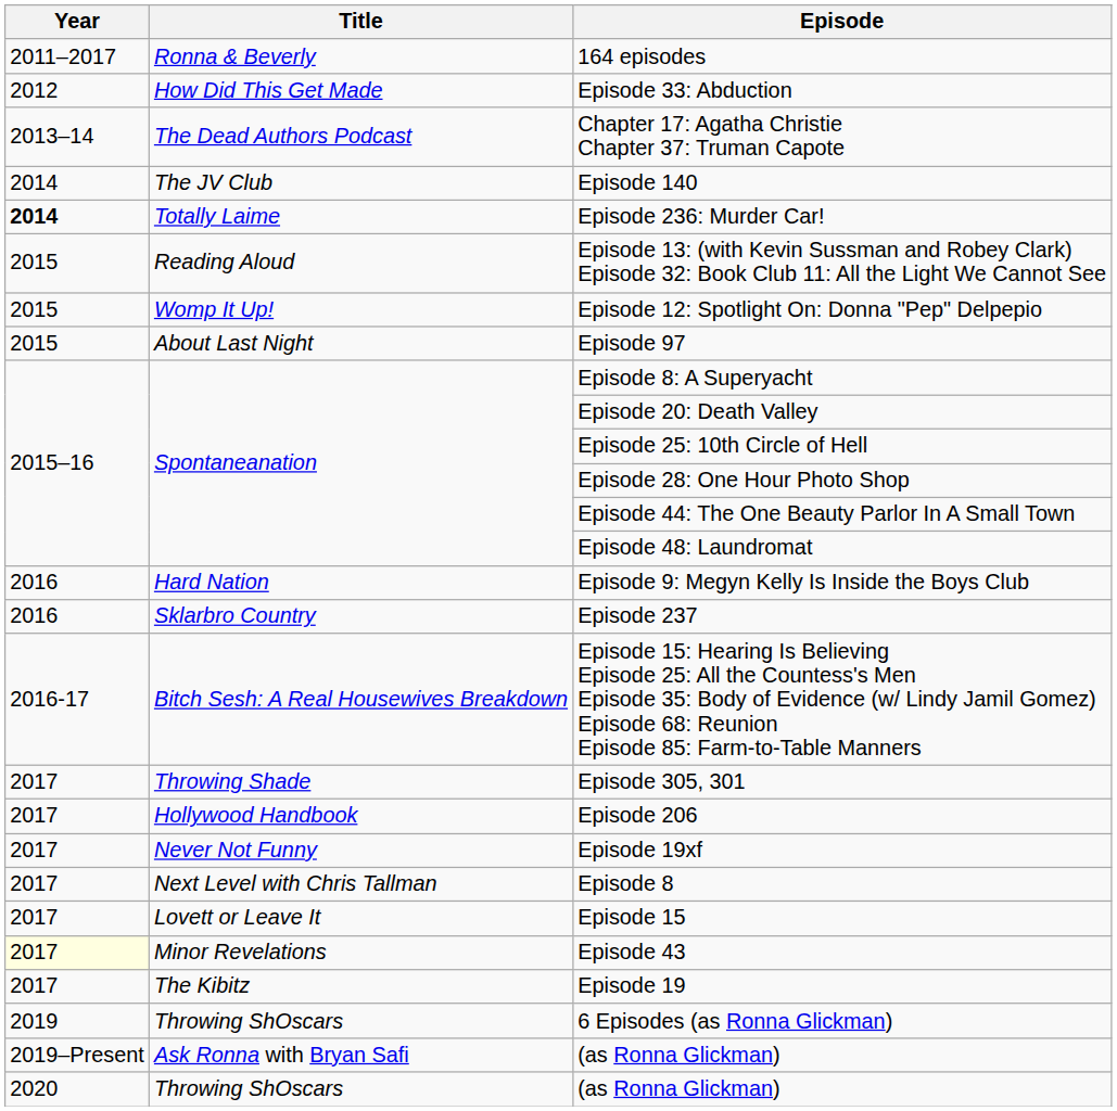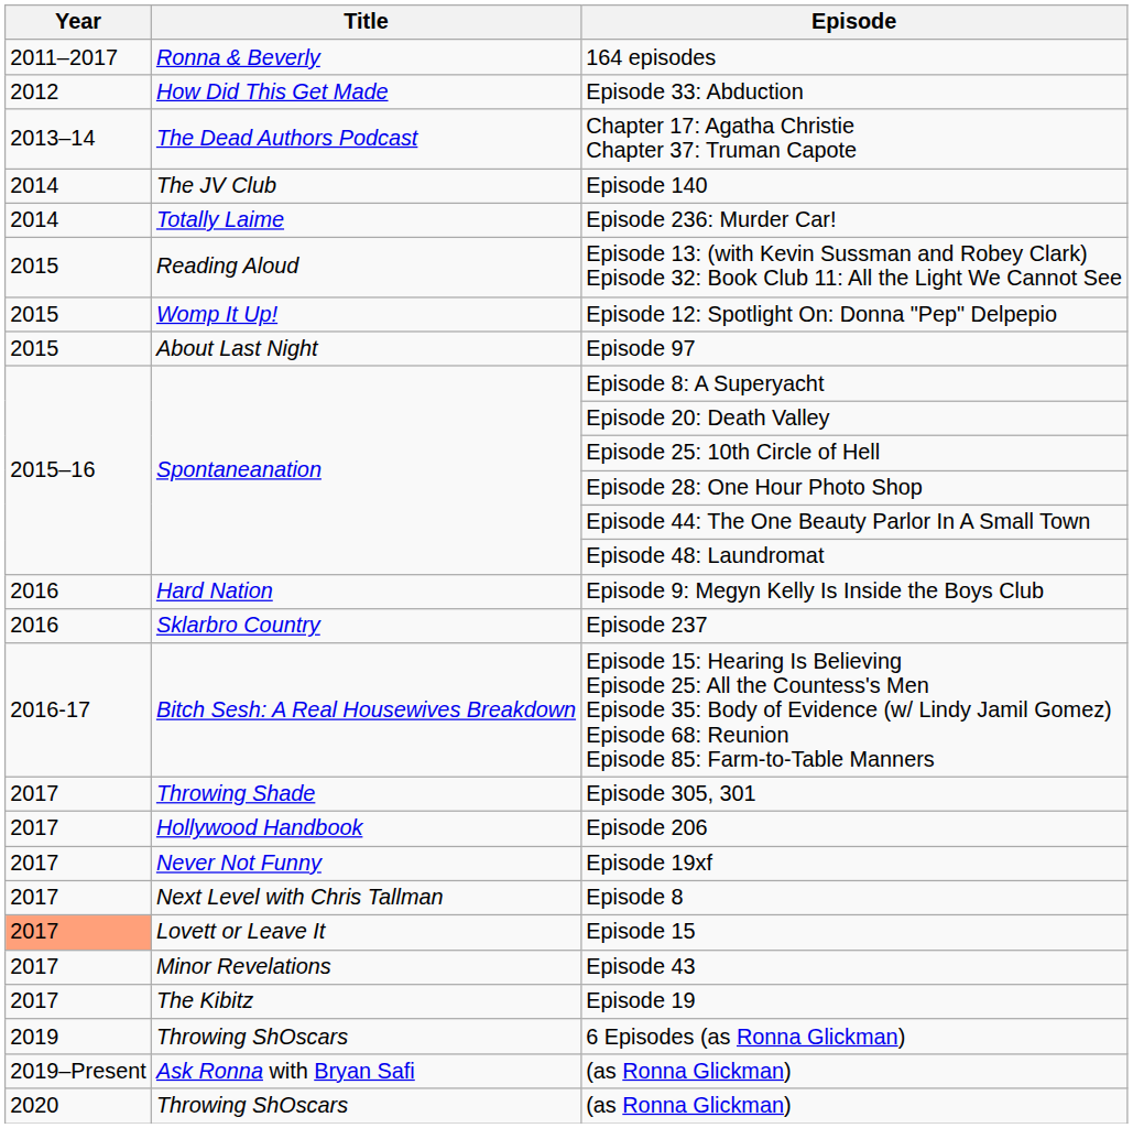 <table class="wikitable sortable">
 <tr>
 <th>Year</th>
 <th>Title</th>
 <th class="unsortable">Episode</th>
 </tr>
 <tr>
 <td>2011–2017</td>
 <td><em><a href='#'>Ronna & Beverly</a></em></td>
 <td>164 episodes</td>
 </tr>
 <tr>
 <td>2012</td>
 <td><em><a href='#'>How Did This Get Made</a></em></td>
 <td>Episode 33: Abduction</td>
 </tr>
 <tr>
 <td>2013–14</td>
 <td><em><a href='#'>The Dead Authors Podcast</a></em></td>
 <td>Chapter 17: Agatha Christie<br>Chapter 37: Truman Capote</td>
 </tr>
 <tr>
 <td>2014</td>
 <td><em>The JV Club</em></td>
 <td>Episode 140</td>
 </tr>
 <tr>
-<td><strong>2014</strong></td>
+<td>2014</td>
 <td><em><a href='#'>Totally Laime</a></em></td>
 <td>Episode 236: Murder Car!</td>
 </tr>
 <tr>
 <td>2015</td>
 <td><em>Reading Aloud</em></td>
 <td>Episode 13: (with Kevin Sussman and Robey Clark)<br>Episode 32: Book Club 11: All the Light We Cannot See</td>
 </tr>
 <tr>
 <td>2015</td>
 <td><em><a href='#'>Womp It Up!</a></em></td>
 <td>Episode 12: Spotlight On: Donna "Pep" Delpepio</td>
 </tr>
 <tr>
 <td>2015</td>
 <td><em>About Last Night</em></td>
 <td>Episode 97</td>
 </tr>
 <tr>
 <td rowspan=6>2015–16</td>
 <td rowspan=6><em><a href='#'>Spontaneanation</a></em></td>
 <td>Episode 8: A Superyacht</td>
 </tr>
 <tr>
 <td>Episode 20: Death Valley</td>
 </tr>
 <tr>
 <td>Episode 25: 10th Circle of Hell</td>
 </tr>
 <tr>
 <td>Episode 28: One Hour Photo Shop</td>
 </tr>
 <tr>
 <td>Episode 44: The One Beauty Parlor In A Small Town</td>
 </tr>
 <tr>
 <td>Episode 48: Laundromat</td>
 </tr>
 <tr>
 <td>2016</td>
 <td><em><a href='#'>Hard Nation</a></em></td>
 <td>Episode 9: Megyn Kelly Is Inside the Boys Club</td>
 </tr>
 <tr>
 <td>2016</td>
 <td><em><a href='#'>Sklarbro Country</a></em></td>
 <td>Episode 237</td>
 </tr>
 <tr>
 <td>2016-17</td>
 <td><em><a href='#'>Bitch Sesh: A Real Housewives Breakdown</a></em></td>
 <td>Episode 15: Hearing Is Believing<br>Episode 25: All the Countess's Men<br>Episode 35: Body of Evidence (w/ Lindy Jamil Gomez)<br>Episode 68: Reunion<br>Episode 85: Farm-to-Table Manners</td>
 </tr>
 <tr>
 <td>2017</td>
 <td><em><a href='#'>Throwing Shade</a></em></td>
 <td>Episode 305, 301</td>
 </tr>
 <tr>
 <td>2017</td>
 <td><em><a href='#'>Hollywood Handbook</a></em></td>
 <td>Episode 206</td>
 </tr>
 <tr>
 <td>2017</td>
 <td><em><a href='#'>Never Not Funny</a></em></td>
 <td>Episode 19xf</td>
 </tr>
 <tr>
 <td>2017</td>
 <td><em>Next Level with Chris Tallman</em></td>
 <td>Episode 8</td>
 </tr>
 <tr>
-<td>2017</td>
+<td style="background: lightsalmon;">2017</td>
 <td><em>Lovett or Leave It</em></td>
 <td>Episode 15</td>
 </tr>
 <tr>
-<td style="background: lightyellow;">2017</td>
+<td>2017</td>
 <td><em>Minor Revelations</em></td>
 <td>Episode 43</td>
 </tr>
 <tr>
 <td>2017</td>
 <td><em>The Kibitz</em></td>
 <td>Episode 19</td>
 </tr>
 <tr>
 <td>2019</td>
 <td><em>Throwing ShOscars</em></td>
 <td>6 Episodes (as <a href='#'>Ronna Glickman</a>)</td>
 </tr>
 <tr>
 <td>2019–Present</td>
 <td><em><a href='#'>Ask Ronna</a></em> with <a href='#'>Bryan Safi</a></td>
 <td>(as <a href='#'>Ronna Glickman</a>)</td>
 </tr>
 <tr>
 <td>2020</td>
 <td><em>Throwing ShOscars</em></td>
 <td>(as <a href='#'>Ronna Glickman</a>)</td>
 </tr>
 </table>
